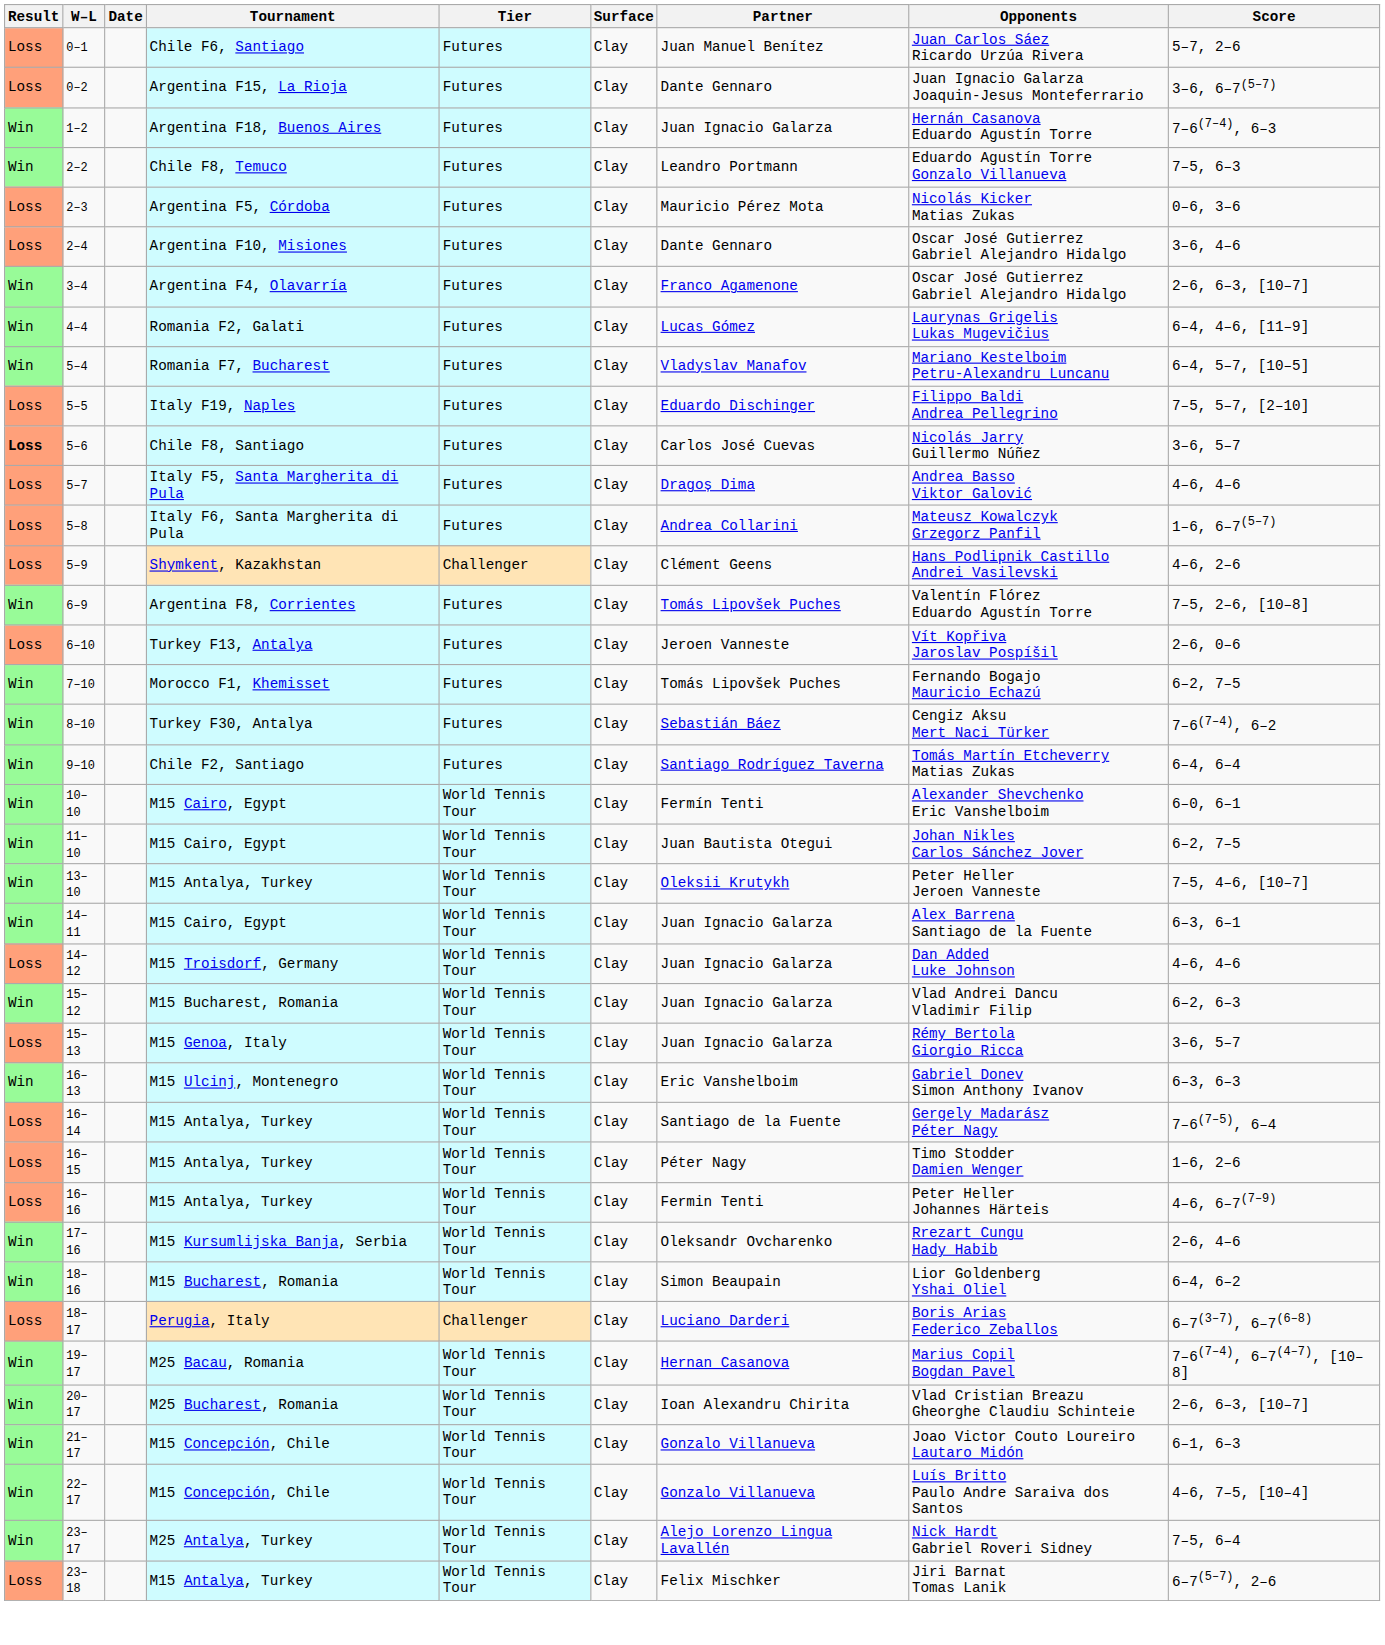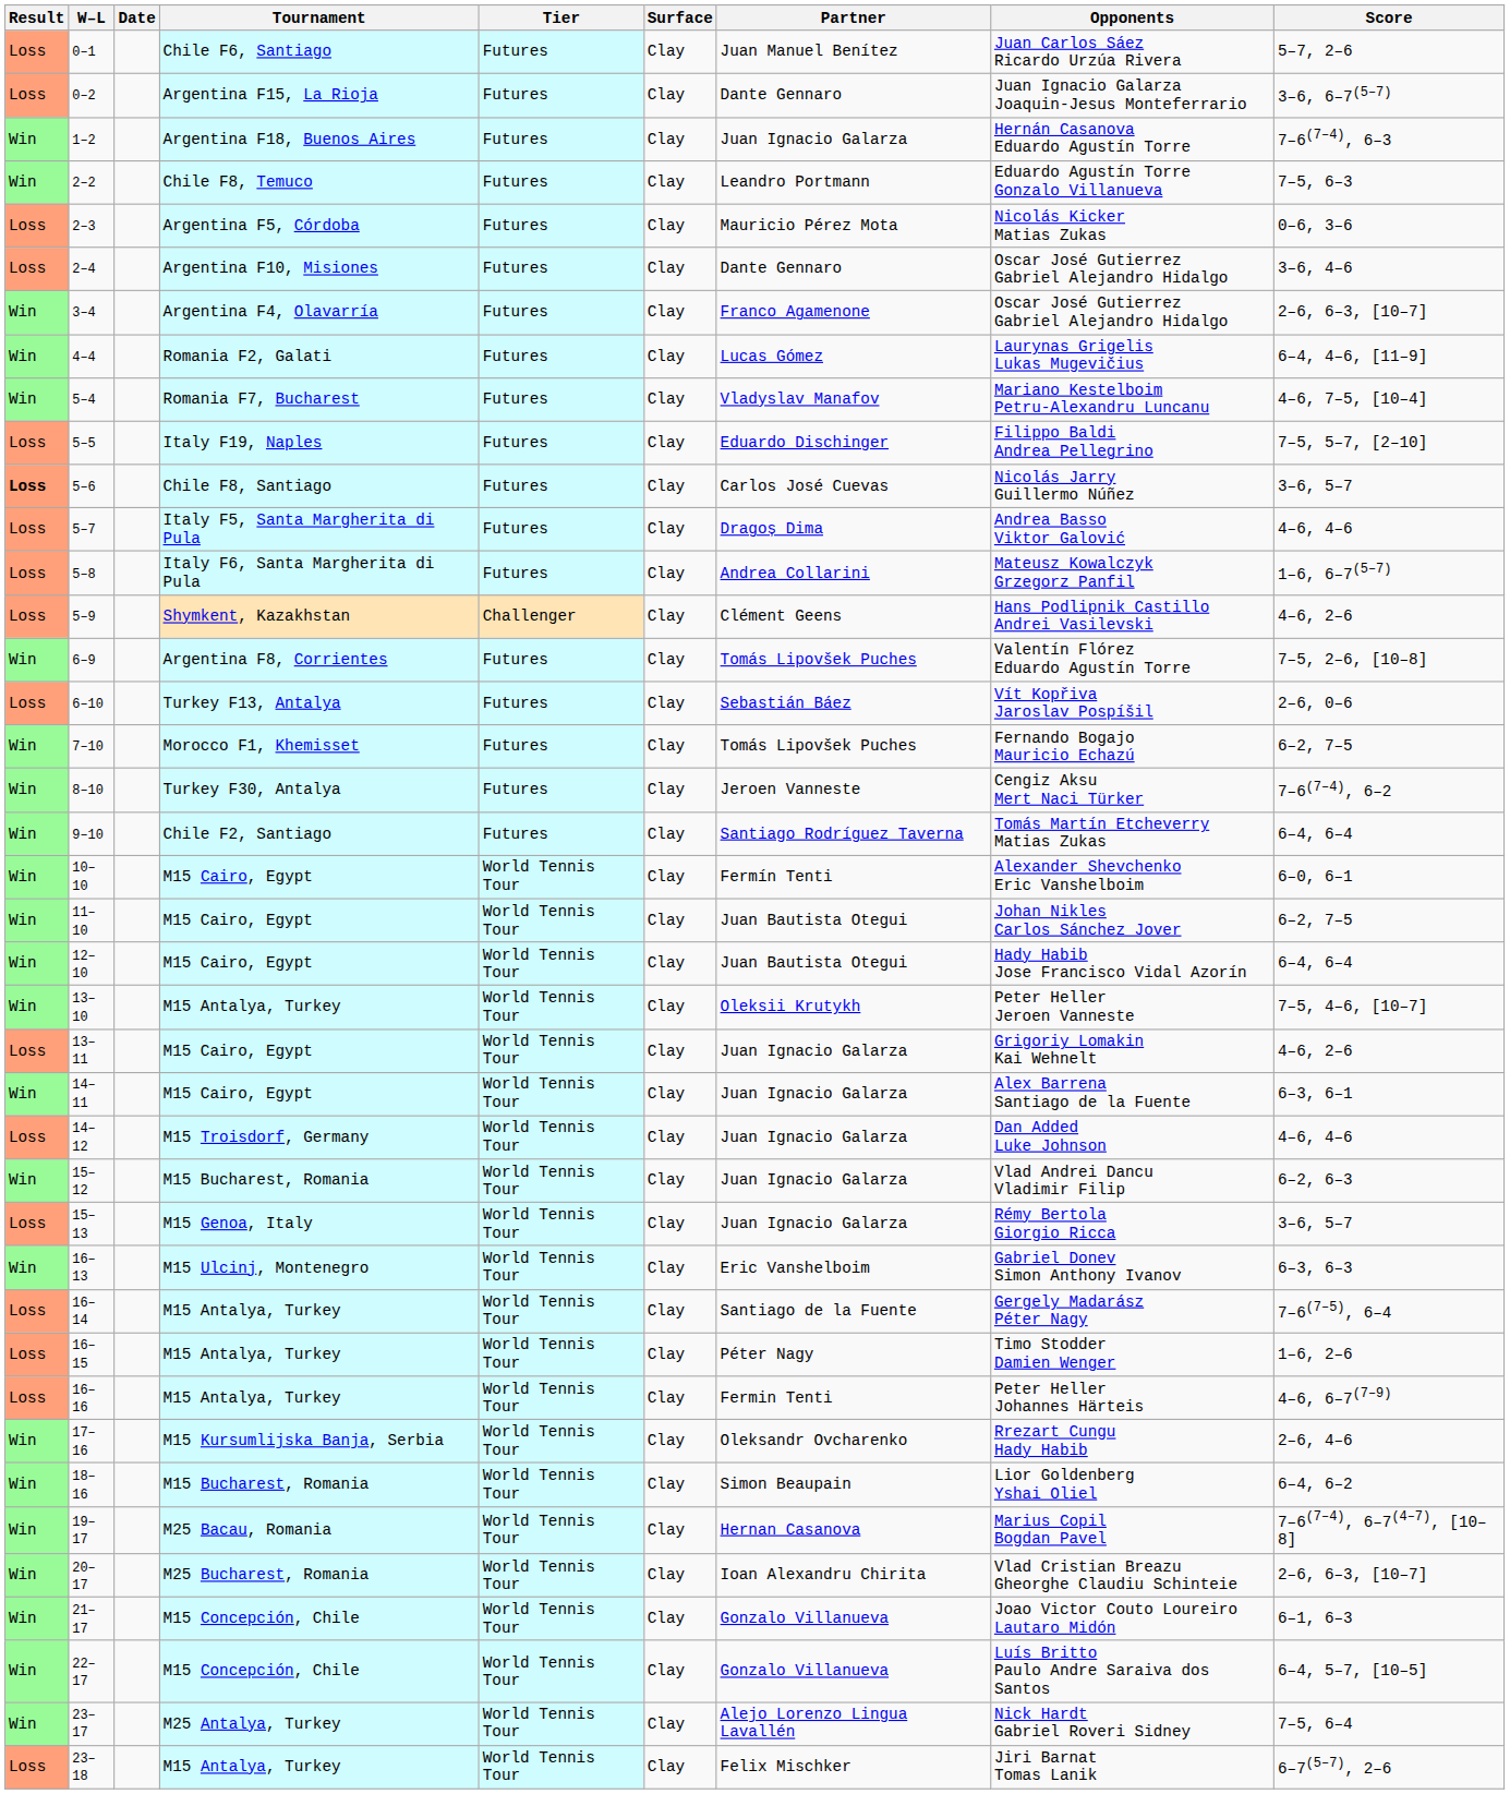 <table class="sortable wikitable">
 <tr>
 <th>Result</th>
 <th class="unsortable">W–L</th>
 <th>Date</th>
 <th>Tournament</th>
 <th>Tier</th>
 <th>Surface</th>
 <th>Partner</th>
 <th>Opponents</th>
 <th class="unsortable">Score</th>
 </tr>
 <tr>
 <td style="background:#ffa07a;">Loss</td>
 <td><small>0–1</small></td>
 <td></td>
 <td style="background:#cffcff;">Chile F6, <a href='#'>Santiago</a></td>
 <td style="background:#cffcff;">Futures</td>
 <td>Clay</td>
 <td> Juan Manuel Benítez</td>
 <td> <a href='#'>Juan Carlos Sáez</a><br> Ricardo Urzúa Rivera</td>
 <td>5–7, 2–6</td>
 </tr>
 <tr>
 <td style="background:#ffa07a;">Loss</td>
 <td><small>0–2</small></td>
 <td></td>
 <td style="background:#cffcff;">Argentina F15, <a href='#'>La Rioja</a></td>
 <td style="background:#cffcff;">Futures</td>
 <td>Clay</td>
 <td> Dante Gennaro</td>
 <td> Juan Ignacio Galarza<br> Joaquin-Jesus Monteferrario</td>
 <td>3–6, 6–7<sup>(5–7)</sup></td>
 </tr>
 <tr>
 <td style="background:#98fb98;">Win</td>
 <td><small>1–2</small></td>
 <td></td>
 <td style="background:#cffcff;">Argentina F18, <a href='#'>Buenos Aires</a></td>
 <td style="background:#cffcff;">Futures</td>
 <td>Clay</td>
 <td> Juan Ignacio Galarza</td>
 <td> <a href='#'>Hernán Casanova</a><br> Eduardo Agustín Torre</td>
 <td>7–6<sup>(7–4)</sup>, 6–3</td>
 </tr>
 <tr>
 <td style="background:#98fb98;">Win</td>
 <td><small>2–2</small></td>
 <td></td>
 <td style="background:#cffcff;">Chile F8, <a href='#'>Temuco</a></td>
 <td style="background:#cffcff;">Futures</td>
 <td>Clay</td>
 <td> Leandro Portmann</td>
 <td> Eduardo Agustín Torre<br> <a href='#'>Gonzalo Villanueva</a></td>
 <td>7–5, 6–3</td>
 </tr>
 <tr>
 <td style="background:#ffa07a;">Loss</td>
 <td><small>2–3</small></td>
 <td></td>
 <td style="background:#cffcff;">Argentina F5, <a href='#'>Córdoba</a></td>
 <td style="background:#cffcff;">Futures</td>
 <td>Clay</td>
 <td> Mauricio Pérez Mota</td>
 <td> <a href='#'>Nicolás Kicker</a><br> Matias Zukas</td>
 <td>0–6, 3–6</td>
 </tr>
 <tr>
 <td style="background:#ffa07a;">Loss</td>
 <td><small>2–4</small></td>
 <td></td>
 <td style="background:#cffcff;">Argentina F10, <a href='#'>Misiones</a></td>
 <td style="background:#cffcff;">Futures</td>
 <td>Clay</td>
 <td> Dante Gennaro</td>
 <td> Oscar José Gutierrez<br> Gabriel Alejandro Hidalgo</td>
 <td>3–6, 4–6</td>
 </tr>
 <tr>
 <td style="background:#98fb98;">Win</td>
 <td><small>3–4</small></td>
 <td></td>
 <td style="background:#cffcff;">Argentina F4, <a href='#'>Olavarría</a></td>
 <td style="background:#cffcff;">Futures</td>
 <td>Clay</td>
 <td> <a href='#'>Franco Agamenone</a></td>
 <td> Oscar José Gutierrez<br> Gabriel Alejandro Hidalgo</td>
 <td>2–6, 6–3, [10–7]</td>
 </tr>
 <tr>
 <td style="background:#98fb98;">Win</td>
 <td><small>4–4</small></td>
 <td></td>
 <td style="background:#cffcff;">Romania F2, Galati</td>
 <td style="background:#cffcff;">Futures</td>
 <td>Clay</td>
 <td> <a href='#'>Lucas Gómez</a></td>
 <td> <a href='#'>Laurynas Grigelis</a><br> <a href='#'>Lukas Mugevičius</a></td>
 <td>6–4, 4–6, [11–9]</td>
 </tr>
 <tr>
 <td style="background:#98fb98;">Win</td>
 <td><small>5–4</small></td>
 <td></td>
 <td style="background:#cffcff;">Romania F7, <a href='#'>Bucharest</a></td>
 <td style="background:#cffcff;">Futures</td>
 <td>Clay</td>
 <td> <a href='#'>Vladyslav Manafov</a></td>
 <td> <a href='#'>Mariano Kestelboim</a><br> <a href='#'>Petru-Alexandru Luncanu</a></td>
-<td>6–4, 5–7, [10–5]</td>
+<td>4–6, 7–5, [10–4]</td>
 </tr>
 <tr>
 <td style="background:#ffa07a;">Loss</td>
 <td><small>5–5</small></td>
 <td></td>
 <td style="background:#cffcff;">Italy F19, <a href='#'>Naples</a></td>
 <td style="background:#cffcff;">Futures</td>
 <td>Clay</td>
 <td> <a href='#'>Eduardo Dischinger</a></td>
 <td> <a href='#'>Filippo Baldi</a><br> <a href='#'>Andrea Pellegrino</a></td>
 <td>7–5, 5–7, [2–10]</td>
 </tr>
 <tr>
 <td style="background:#ffa07a;"><strong>Loss</strong></td>
 <td><small>5–6</small></td>
 <td></td>
 <td style="background:#cffcff;">Chile F8, Santiago</td>
 <td style="background:#cffcff;">Futures</td>
 <td>Clay</td>
 <td> Carlos José Cuevas</td>
 <td> <a href='#'>Nicolás Jarry</a><br> Guillermo Núñez</td>
 <td>3–6, 5–7</td>
 </tr>
 <tr>
 <td style="background:#ffa07a;">Loss</td>
 <td><small>5–7</small></td>
 <td></td>
 <td style="background:#cffcff;">Italy F5, <a href='#'>Santa Margherita di Pula</a></td>
 <td style="background:#cffcff;">Futures</td>
 <td>Clay</td>
 <td> <a href='#'>Dragoș Dima</a></td>
 <td> <a href='#'>Andrea Basso</a><br> <a href='#'>Viktor Galović</a></td>
 <td>4–6, 4–6</td>
 </tr>
 <tr>
 <td style="background:#ffa07a;">Loss</td>
 <td><small>5–8</small></td>
 <td></td>
 <td style="background:#cffcff;">Italy F6, Santa Margherita di Pula</td>
 <td style="background:#cffcff;">Futures</td>
 <td>Clay</td>
 <td> <a href='#'>Andrea Collarini</a></td>
 <td> <a href='#'>Mateusz Kowalczyk</a><br> <a href='#'>Grzegorz Panfil</a></td>
 <td>1–6, 6–7<sup>(5–7)</sup></td>
 </tr>
 <tr>
 <td style="background:#ffa07a;">Loss</td>
 <td><small>5–9</small></td>
 <td><a href='#'></a></td>
 <td style="background:moccasin;"><a href='#'>Shymkent</a>, Kazakhstan</td>
 <td style="background:moccasin;">Challenger</td>
 <td>Clay</td>
 <td> Clément Geens</td>
 <td> <a href='#'>Hans Podlipnik Castillo</a><br> <a href='#'>Andrei Vasilevski</a></td>
 <td>4–6, 2–6</td>
 </tr>
 <tr>
 <td style="background:#98fb98;">Win</td>
 <td><small>6–9</small></td>
 <td></td>
 <td style="background:#cffcff;">Argentina F8, <a href='#'>Corrientes</a></td>
 <td style="background:#cffcff;">Futures</td>
 <td>Clay</td>
 <td> <a href='#'>Tomás Lipovšek Puches</a></td>
 <td> Valentín Flórez<br> Eduardo Agustín Torre</td>
 <td>7–5, 2–6, [10–8]</td>
 </tr>
 <tr>
 <td style="background:#ffa07a;">Loss</td>
 <td><small>6–10</small></td>
 <td></td>
 <td style="background:#cffcff;">Turkey F13, <a href='#'>Antalya</a></td>
 <td style="background:#cffcff;">Futures</td>
 <td>Clay</td>
-<td> Jeroen Vanneste</td>
+<td> <a href='#'>Sebastián Báez</a></td>
 <td> <a href='#'>Vít Kopřiva</a><br> <a href='#'>Jaroslav Pospíšil</a></td>
 <td>2–6, 0–6</td>
 </tr>
 <tr>
 <td style="background:#98fb98;">Win</td>
 <td><small>7–10</small></td>
 <td></td>
 <td style="background:#cffcff;">Morocco F1, <a href='#'>Khemisset</a></td>
 <td style="background:#cffcff;">Futures</td>
 <td>Clay</td>
 <td> Tomás Lipovšek Puches</td>
 <td> Fernando Bogajo<br> <a href='#'>Mauricio Echazú</a></td>
 <td>6–2, 7–5</td>
 </tr>
 <tr>
 <td style="background:#98fb98;">Win</td>
 <td><small>8–10</small></td>
 <td></td>
 <td style="background:#cffcff;">Turkey F30, Antalya</td>
 <td style="background:#cffcff;">Futures</td>
 <td>Clay</td>
-<td> <a href='#'>Sebastián Báez</a></td>
+<td> Jeroen Vanneste</td>
 <td> Cengiz Aksu<br> <a href='#'>Mert Naci Türker</a></td>
 <td>7–6<sup>(7–4)</sup>, 6–2</td>
 </tr>
 <tr>
 <td style="background:#98fb98;">Win</td>
 <td><small>9–10</small></td>
 <td></td>
 <td style="background:#cffcff;">Chile F2, Santiago</td>
 <td style="background:#cffcff;">Futures</td>
 <td>Clay</td>
 <td> <a href='#'>Santiago Rodríguez Taverna</a></td>
 <td> <a href='#'>Tomás Martín Etcheverry</a><br> Matias Zukas</td>
 <td>6–4, 6–4</td>
 </tr>
 <tr>
 <td style="background:#98fb98;">Win</td>
 <td><small>10–10</small></td>
 <td></td>
 <td style="background:#cffcff;">M15 <a href='#'>Cairo</a>, Egypt</td>
 <td style="background:#cffcff;">World Tennis Tour</td>
 <td>Clay</td>
 <td> Fermín Tenti</td>
 <td> <a href='#'>Alexander Shevchenko</a><br> Eric Vanshelboim</td>
 <td>6–0, 6–1</td>
 </tr>
 <tr>
 <td style="background:#98fb98;">Win</td>
 <td><small>11–10</small></td>
 <td></td>
 <td style="background:#cffcff;">M15 Cairo, Egypt</td>
 <td style="background:#cffcff;">World Tennis Tour</td>
 <td>Clay</td>
 <td> Juan Bautista Otegui</td>
 <td> <a href='#'>Johan Nikles</a><br> <a href='#'>Carlos Sánchez Jover</a></td>
 <td>6–2, 7–5</td>
 </tr>
 <tr>
 <td style="background:#98fb98;">Win</td>
+<td><small>12–10</small></td>
+<td></td>
+<td style="background:#cffcff;">M15 Cairo, Egypt</td>
+<td style="background:#cffcff;">World Tennis Tour</td>
+<td>Clay</td>
+<td> Juan Bautista Otegui</td>
+<td> <a href='#'>Hady Habib</a><br> Jose Francisco Vidal Azorín</td>
+<td>6–4, 6–4</td>
+</tr>
+<tr>
+<td style="background:#98fb98;">Win</td>
 <td><small>13–10</small></td>
 <td></td>
 <td style="background:#cffcff;">M15 Antalya, Turkey</td>
 <td style="background:#cffcff;">World Tennis Tour</td>
 <td>Clay</td>
 <td> <a href='#'>Oleksii Krutykh</a></td>
 <td> Peter Heller<br> Jeroen Vanneste</td>
 <td>7–5, 4–6, [10–7]</td>
+</tr>
+<tr>
+<td style="background:#ffa07a;">Loss</td>
+<td><small>13–11</small></td>
+<td></td>
+<td style="background:#cffcff;">M15 Cairo, Egypt</td>
+<td style="background:#cffcff;">World Tennis Tour</td>
+<td>Clay</td>
+<td> Juan Ignacio Galarza</td>
+<td> <a href='#'>Grigoriy Lomakin</a><br> Kai Wehnelt</td>
+<td>4–6, 2–6</td>
 </tr>
 <tr>
 <td style="background:#98fb98;">Win</td>
 <td><small>14–11</small></td>
 <td></td>
 <td style="background:#cffcff;">M15 Cairo, Egypt</td>
 <td style="background:#cffcff;">World Tennis Tour</td>
 <td>Clay</td>
 <td> Juan Ignacio Galarza</td>
 <td> <a href='#'>Alex Barrena</a><br> Santiago de la Fuente</td>
 <td>6–3, 6–1</td>
 </tr>
 <tr>
 <td style="background:#ffa07a;">Loss</td>
 <td><small>14–12</small></td>
 <td></td>
 <td style="background:#cffcff;">M15 <a href='#'>Troisdorf</a>, Germany</td>
 <td style="background:#cffcff;">World Tennis Tour</td>
 <td>Clay</td>
 <td> Juan Ignacio Galarza</td>
 <td> <a href='#'>Dan Added</a><br> <a href='#'>Luke Johnson</a></td>
 <td>4–6, 4–6</td>
 </tr>
 <tr>
 <td style="background:#98fb98;">Win</td>
 <td><small>15–12</small></td>
 <td></td>
 <td style="background:#cffcff;">M15 Bucharest, Romania</td>
 <td style="background:#cffcff;">World Tennis Tour</td>
 <td>Clay</td>
 <td> Juan Ignacio Galarza</td>
 <td> Vlad Andrei Dancu<br> Vladimir Filip</td>
 <td>6–2, 6–3</td>
 </tr>
 <tr>
 <td style="background:#ffa07a;">Loss</td>
 <td><small>15–13</small></td>
 <td></td>
 <td style="background:#cffcff;">M15 <a href='#'>Genoa</a>, Italy</td>
 <td style="background:#cffcff;">World Tennis Tour</td>
 <td>Clay</td>
 <td> Juan Ignacio Galarza</td>
 <td> <a href='#'>Rémy Bertola</a><br> <a href='#'>Giorgio Ricca</a></td>
 <td>3–6, 5–7</td>
 </tr>
 <tr>
 <td style="background:#98fb98;">Win</td>
 <td><small>16–13</small></td>
 <td></td>
 <td style="background:#cffcff;">M15 <a href='#'>Ulcinj</a>, Montenegro</td>
 <td style="background:#cffcff;">World Tennis Tour</td>
 <td>Clay</td>
 <td> Eric Vanshelboim</td>
 <td> <a href='#'>Gabriel Donev</a><br> Simon Anthony Ivanov</td>
 <td>6–3, 6–3</td>
 </tr>
 <tr>
 <td style="background:#ffa07a;">Loss</td>
 <td><small>16–14</small></td>
 <td></td>
 <td style="background:#cffcff;">M15 Antalya, Turkey</td>
 <td style="background:#cffcff;">World Tennis Tour</td>
 <td>Clay</td>
 <td> Santiago de la Fuente</td>
 <td> <a href='#'>Gergely Madarász</a><br> <a href='#'>Péter Nagy</a></td>
 <td>7–6<sup>(7–5)</sup>, 6–4</td>
 </tr>
 <tr>
 <td style="background:#ffa07a;">Loss</td>
 <td><small>16–15</small></td>
 <td></td>
 <td style="background:#cffcff;">M15 Antalya, Turkey</td>
 <td style="background:#cffcff;">World Tennis Tour</td>
 <td>Clay</td>
 <td> Péter Nagy</td>
 <td> Timo Stodder<br> <a href='#'>Damien Wenger</a></td>
 <td>1–6, 2–6</td>
 </tr>
 <tr>
 <td style="background:#ffa07a;">Loss</td>
 <td><small>16–16</small></td>
 <td></td>
 <td style="background:#cffcff;">M15 Antalya, Turkey</td>
 <td style="background:#cffcff;">World Tennis Tour</td>
 <td>Clay</td>
 <td> Fermin Tenti</td>
 <td> Peter Heller<br> Johannes Härteis</td>
 <td>4–6, 6–7<sup>(7–9)</sup></td>
 </tr>
 <tr>
 <td style="background:#98fb98;">Win</td>
 <td><small>17–16</small></td>
 <td></td>
 <td style="background:#cffcff;">M15 <a href='#'>Kursumlijska Banja</a>, Serbia</td>
 <td style="background:#cffcff;">World Tennis Tour</td>
 <td>Clay</td>
 <td> Oleksandr Ovcharenko</td>
 <td> <a href='#'>Rrezart Cungu</a><br> <a href='#'>Hady Habib</a></td>
 <td>2–6, 4–6</td>
 </tr>
 <tr>
 <td style="background:#98fb98;">Win</td>
 <td><small>18–16</small></td>
 <td></td>
 <td style="background:#cffcff;">M15 <a href='#'>Bucharest</a>, Romania</td>
 <td style="background:#cffcff;">World Tennis Tour</td>
 <td>Clay</td>
 <td> Simon Beaupain</td>
 <td> Lior Goldenberg<br> <a href='#'>Yshai Oliel</a></td>
 <td>6–4, 6–2</td>
 </tr>
 <tr>
-<td style="background:#ffa07a;">Loss</td>
-<td><small>18–17</small></td>
-<td><a href='#'></a></td>
-<td style="background:moccasin;"><a href='#'>Perugia</a>, Italy</td>
-<td style="background:moccasin;">Challenger</td>
-<td>Clay</td>
-<td> <a href='#'>Luciano Darderi</a></td>
-<td> <a href='#'>Boris Arias</a><br> <a href='#'>Federico Zeballos</a></td>
-<td>6–7<sup>(3–7)</sup>, 6–7<sup>(6–8)</sup></td>
-</tr>
-<tr>
 <td style="background:#98fb98;">Win</td>
 <td><small>19–17</small></td>
 <td></td>
 <td style="background:#cffcff;">M25 <a href='#'>Bacau</a>, Romania</td>
 <td style="background:#cffcff;">World Tennis Tour</td>
 <td>Clay</td>
 <td> <a href='#'>Hernan Casanova</a></td>
 <td> <a href='#'>Marius Copil</a><br> <a href='#'>Bogdan Pavel</a></td>
 <td>7–6<sup>(7–4)</sup>, 6–7<sup>(4–7)</sup>, [10–8]</td>
 </tr>
 <tr>
 <td style="background:#98fb98;">Win</td>
 <td><small>20–17</small></td>
 <td></td>
 <td style="background:#cffcff;">M25 <a href='#'>Bucharest</a>, Romania</td>
 <td style="background:#cffcff;">World Tennis Tour</td>
 <td>Clay</td>
 <td> Ioan Alexandru Chirita</td>
 <td> Vlad Cristian Breazu <br> Gheorghe Claudiu Schinteie</td>
 <td>2–6, 6–3, [10–7]</td>
 </tr>
 <tr>
 <td style="background:#98fb98;">Win</td>
 <td><small>21–17</small></td>
 <td></td>
 <td style="background:#cffcff;">M15 <a href='#'>Concepción</a>, Chile</td>
 <td style="background:#cffcff;">World Tennis Tour</td>
 <td>Clay</td>
 <td> <a href='#'>Gonzalo Villanueva</a></td>
 <td> Joao Victor Couto Loureiro <br> <a href='#'>Lautaro Midón</a></td>
 <td>6–1, 6–3</td>
 </tr>
 <tr>
 <td style="background:#98fb98;">Win</td>
 <td><small>22–17</small></td>
 <td></td>
 <td style="background:#cffcff;">M15 <a href='#'>Concepción</a>, Chile</td>
 <td style="background:#cffcff;">World Tennis Tour</td>
 <td>Clay</td>
 <td> <a href='#'>Gonzalo Villanueva</a></td>
 <td> <a href='#'>Luís Britto</a> <br> Paulo Andre Saraiva dos Santos</td>
-<td>4–6, 7–5, [10–4]</td>
+<td>6–4, 5–7, [10–5]</td>
 </tr>
 <tr>
 <td style="background:#98fb98;">Win</td>
 <td><small>23–17</small></td>
 <td></td>
 <td style="background:#cffcff;">M25 <a href='#'>Antalya</a>, Turkey</td>
 <td style="background:#cffcff;">World Tennis Tour</td>
 <td>Clay</td>
 <td> <a href='#'>Alejo Lorenzo Lingua Lavallén</a></td>
 <td> <a href='#'>Nick Hardt</a> <br> Gabriel Roveri Sidney</td>
 <td>7–5, 6–4</td>
 </tr>
 <tr>
 <td style="background:#ffa07a">Loss</td>
 <td><small>23–18</small></td>
 <td></td>
 <td style="background:#cffcff;">M15 <a href='#'>Antalya</a>, Turkey</td>
 <td style="background:#cffcff;">World Tennis Tour</td>
 <td>Clay</td>
 <td> Felix Mischker</td>
 <td> Jiri Barnat <br> Tomas Lanik</td>
 <td>6–7<sup>(5–7)</sup>, 2–6</td>
 </tr>
 </table>
